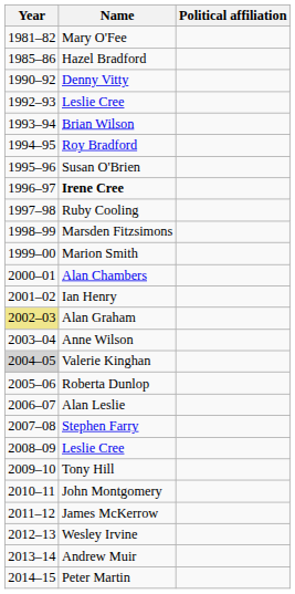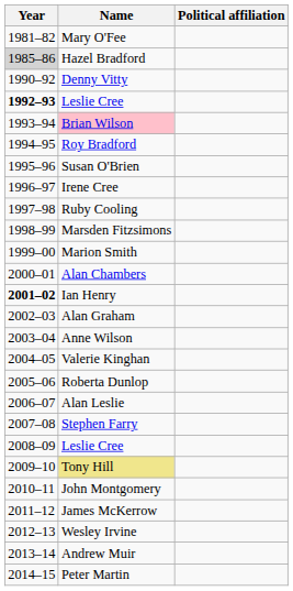 <table class="wikitable">
 <tr>
 <th>Year</th>
 <th>Name</th>
 <th colspan=2>Political affiliation</th>
 </tr>
 <tr>
 <td>1981–82</td>
 <td>Mary O'Fee</td>
 <td></td>
 </tr>
 <tr>
-<td>1985–86</td>
+<td style="background: lightgrey;">1985–86</td>
 <td>Hazel Bradford</td>
 <td></td>
 </tr>
 <tr>
 <td>1990–92</td>
 <td><a href='#'>Denny Vitty</a></td>
 <td></td>
 </tr>
 <tr>
-<td>1992–93</td>
+<td><strong>1992–93</strong></td>
 <td><a href='#'>Leslie Cree</a></td>
 <td></td>
 </tr>
 <tr>
 <td>1993–94</td>
-<td><a href='#'>Brian Wilson</a></td>
+<td style="background: pink;"><a href='#'>Brian Wilson</a></td>
 <td></td>
 </tr>
 <tr>
 <td>1994–95</td>
 <td><a href='#'>Roy Bradford</a></td>
 <td></td>
 </tr>
 <tr>
 <td>1995–96</td>
 <td>Susan O'Brien</td>
 <td></td>
 </tr>
 <tr>
 <td>1996–97</td>
-<td><strong>Irene Cree</strong></td>
+<td>Irene Cree</td>
 <td></td>
 </tr>
 <tr>
 <td>1997–98</td>
 <td>Ruby Cooling</td>
 <td></td>
 </tr>
 <tr>
 <td>1998–99</td>
 <td>Marsden Fitzsimons</td>
 <td></td>
 </tr>
 <tr>
 <td>1999–00</td>
 <td>Marion Smith</td>
 <td></td>
 </tr>
 <tr>
 <td>2000–01</td>
 <td><a href='#'>Alan Chambers</a></td>
 <td></td>
 </tr>
 <tr>
-<td>2001–02</td>
+<td><strong>2001–02</strong></td>
 <td>Ian Henry</td>
 <td></td>
 </tr>
 <tr>
-<td style="background: khaki;">2002–03</td>
+<td>2002–03</td>
 <td>Alan Graham</td>
 <td></td>
 </tr>
 <tr>
 <td>2003–04</td>
 <td>Anne Wilson</td>
 <td></td>
 </tr>
 <tr>
-<td style="background: lightgrey;">2004–05</td>
+<td>2004–05</td>
 <td>Valerie Kinghan</td>
 <td></td>
 </tr>
 <tr>
 <td>2005–06</td>
 <td>Roberta Dunlop</td>
 <td></td>
 </tr>
 <tr>
 <td>2006–07</td>
 <td>Alan Leslie</td>
 <td></td>
 </tr>
 <tr>
 <td>2007–08</td>
 <td><a href='#'>Stephen Farry</a></td>
 <td></td>
 </tr>
 <tr>
 <td>2008–09</td>
 <td><a href='#'>Leslie Cree</a></td>
 <td></td>
 </tr>
 <tr>
 <td>2009–10</td>
-<td>Tony Hill</td>
+<td style="background: khaki;">Tony Hill</td>
 <td></td>
 </tr>
 <tr>
 <td>2010–11</td>
 <td>John Montgomery</td>
 <td></td>
 </tr>
 <tr>
 <td>2011–12</td>
 <td>James McKerrow</td>
 <td></td>
 </tr>
 <tr>
 <td>2012–13</td>
 <td>Wesley Irvine</td>
 <td></td>
 </tr>
 <tr>
 <td>2013–14</td>
 <td>Andrew Muir</td>
 <td></td>
 </tr>
 <tr>
 <td>2014–15</td>
 <td>Peter Martin</td>
 <td></td>
 </tr>
 </table>
